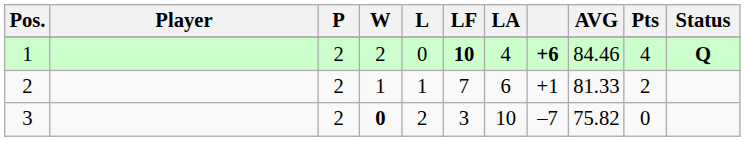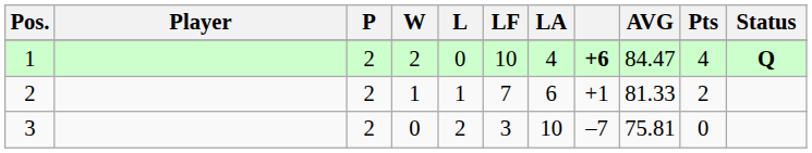 <table class="wikitable" style="text-align:center; margin: 1em auto 1em auto, align:left">
 <tr>
 <th width=25>Pos.</th>
 <th width=200>Player</th>
 <th width=25>P</th>
 <th width=25>W</th>
 <th width=25>L</th>
 <th width=25>LF</th>
 <th width=25>LA</th>
 <th width=25></th>
 <th width=35>AVG</th>
 <th width=25>Pts</th>
 <th width=50>Status</th>
 </tr>
 <tr>
 </tr>
 <tr style="background-color:#ccffcc">
 <td>1</td>
 <td align=left></td>
 <td>2</td>
 <td>2</td>
 <td>0</td>
-<td><strong>10</strong></td>
+<td>10</td>
 <td>4</td>
 <td><strong>+6</strong></td>
-<td>84.46</td>
+<td>84.47</td>
 <td>4</td>
 <td><strong>Q</strong></td>
 </tr>
 <tr style=>
 <td>2</td>
 <td align=left></td>
 <td>2</td>
 <td>1</td>
 <td>1</td>
 <td>7</td>
 <td>6</td>
 <td>+1</td>
 <td>81.33</td>
 <td>2</td>
 <td></td>
 </tr>
 <tr style=>
 <td>3</td>
 <td align=left></td>
 <td>2</td>
-<td><strong>0</strong></td>
+<td>0</td>
 <td>2</td>
 <td>3</td>
 <td>10</td>
 <td>–7</td>
-<td>75.82</td>
+<td>75.81</td>
 <td>0</td>
 <td></td>
 </tr>
 </table>
